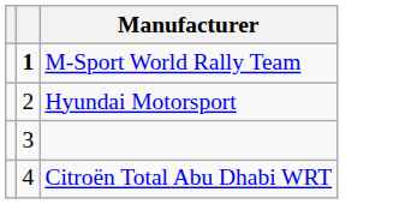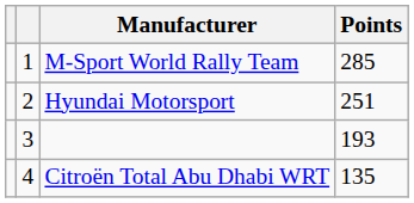 <table class="wikitable" style="font-size: 85%;">
 <tr>
 <th></th>
 <th></th>
 <th>Manufacturer</th>
+<th>Points</th>
 </tr>
 <tr>
 <td align="left"></td>
-<td align="center"><strong>1</strong></td>
+<td align="center">1</td>
 <td> <a href='#'>M-Sport World Rally Team</a></td>
+<td align="left">285</td>
 </tr>
 <tr>
 <td align="left"></td>
 <td align="center">2</td>
 <td> <a href='#'>Hyundai Motorsport</a></td>
+<td align="left">251</td>
 </tr>
 <tr>
 <td align="left"></td>
 <td align="center">3</td>
 <td></td>
+<td align="left">193</td>
 </tr>
 <tr>
 <td align="left"></td>
 <td align="center">4</td>
 <td> <a href='#'>Citroën Total Abu Dhabi WRT</a></td>
+<td align="left">135</td>
 </tr>
 </table>
